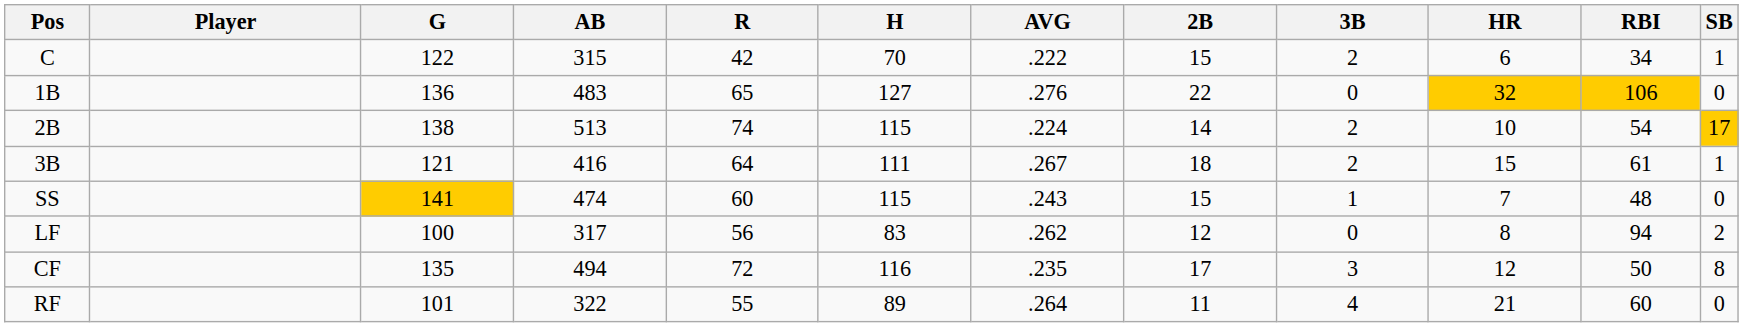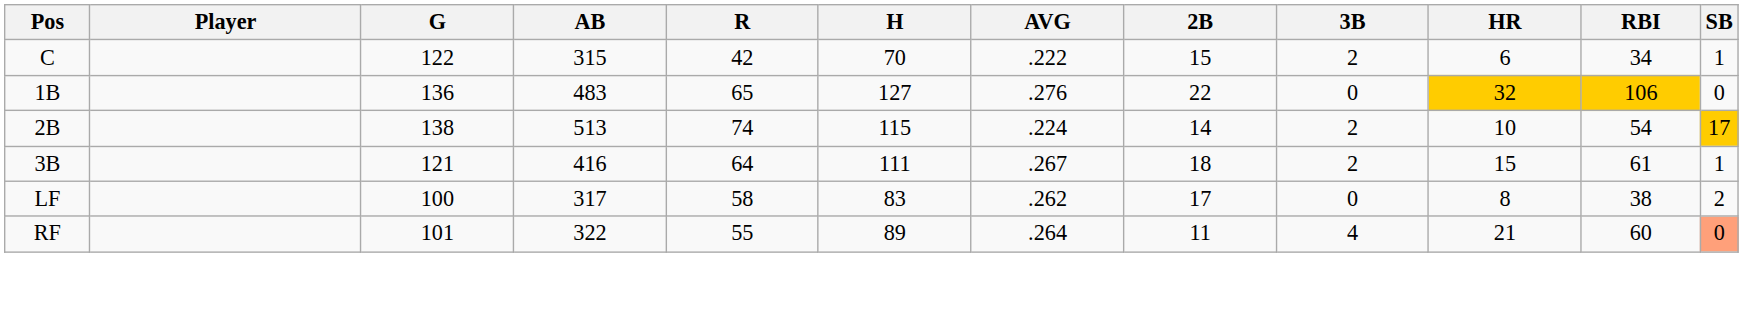 <table class="wikitable sortable">
 <tr>
 <th bgcolor="#DDDDFF" width="5%">Pos</th>
 <th bgcolor="#DDDDFF" width="16%">Player</th>
 <th bgcolor="#DDDDFF" width="9%">G</th>
 <th bgcolor="#DDDDFF" width="9%">AB</th>
 <th bgcolor="#DDDDFF" width="9%">R</th>
 <th bgcolor="#DDDDFF" width="9%">H</th>
 <th bgcolor="#DDDDFF" width="9%">AVG</th>
 <th bgcolor="#DDDDFF" width="9%">2B</th>
 <th bgcolor="#DDDDFF" width="9%">3B</th>
 <th bgcolor="#DDDDFF" width="9%">HR</th>
 <th bgcolor="#DDDDFF" width="9%">RBI</th>
 <th bgcolor="#DDDDFF" width="9%">SB</th>
 </tr>
 <tr align="center">
 <td>C</td>
 <td></td>
 <td>122</td>
 <td>315</td>
 <td>42</td>
 <td>70</td>
 <td>.222</td>
 <td>15</td>
 <td>2</td>
 <td>6</td>
 <td>34</td>
 <td>1</td>
 </tr>
 <tr align="center">
 <td>1B</td>
 <td></td>
 <td>136</td>
 <td>483</td>
 <td>65</td>
 <td>127</td>
 <td>.276</td>
 <td>22</td>
 <td>0</td>
 <td style="background:#fc0;">32</td>
 <td style="background:#fc0;">106</td>
 <td>0</td>
 </tr>
 <tr align="center">
 <td>2B</td>
 <td></td>
 <td>138</td>
 <td>513</td>
 <td>74</td>
 <td>115</td>
 <td>.224</td>
 <td>14</td>
 <td>2</td>
 <td>10</td>
 <td>54</td>
 <td style="background:#fc0;">17</td>
 </tr>
 <tr align="center">
 <td>3B</td>
 <td></td>
 <td>121</td>
 <td>416</td>
 <td>64</td>
 <td>111</td>
 <td>.267</td>
 <td>18</td>
 <td>2</td>
 <td>15</td>
 <td>61</td>
 <td>1</td>
 </tr>
 <tr align="center">
-<td>SS</td>
-<td></td>
-<td style="background:#fc0;">141</td>
-<td>474</td>
-<td>60</td>
-<td>115</td>
-<td>.243</td>
-<td>15</td>
-<td>1</td>
-<td>7</td>
-<td>48</td>
-<td>0</td>
-</tr>
-<tr align="center">
 <td>LF</td>
 <td></td>
 <td>100</td>
 <td>317</td>
-<td>56</td>
+<td>58</td>
 <td>83</td>
 <td>.262</td>
-<td>12</td>
+<td>17</td>
 <td>0</td>
 <td>8</td>
-<td>94</td>
+<td>38</td>
 <td>2</td>
-</tr>
-<tr align="center">
-<td>CF</td>
-<td></td>
-<td>135</td>
-<td>494</td>
-<td>72</td>
-<td>116</td>
-<td>.235</td>
-<td>17</td>
-<td>3</td>
-<td>12</td>
-<td>50</td>
-<td>8</td>
 </tr>
 <tr align="center">
 <td>RF</td>
 <td></td>
 <td>101</td>
 <td>322</td>
 <td>55</td>
 <td>89</td>
 <td>.264</td>
 <td>11</td>
 <td>4</td>
 <td>21</td>
 <td>60</td>
-<td>0</td>
+<td style="background: lightsalmon;">0</td>
 </tr>
 </table>
